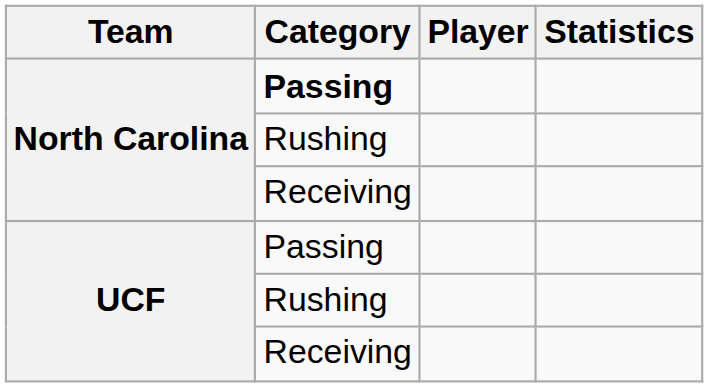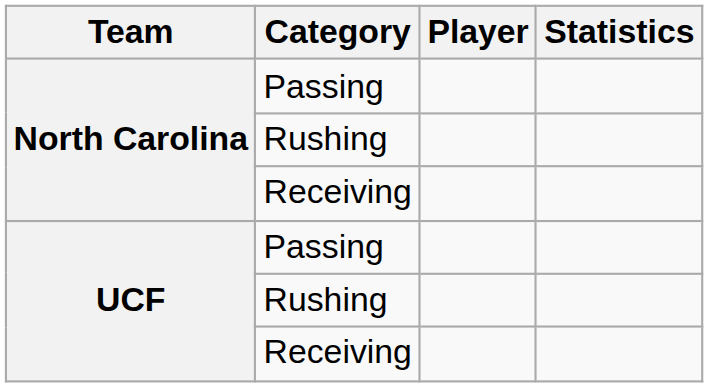 <table class="wikitable" style="float:right">
 <tr>
 <th>Team</th>
 <th>Category</th>
 <th>Player</th>
 <th>Statistics</th>
 </tr>
 <tr>
 <th rowspan=3>North Carolina</th>
-<td><strong>Passing</strong></td>
+<td>Passing</td>
 <td></td>
 <td></td>
 </tr>
 <tr>
 <td>Rushing</td>
 <td></td>
 <td></td>
 </tr>
 <tr>
 <td>Receiving</td>
 <td></td>
 <td></td>
 </tr>
 <tr>
 <th rowspan=3>UCF</th>
 <td>Passing</td>
 <td></td>
 <td></td>
 </tr>
 <tr>
 <td>Rushing</td>
 <td></td>
 <td></td>
 </tr>
 <tr>
 <td>Receiving</td>
 <td></td>
 <td></td>
 </tr>
 </table>
